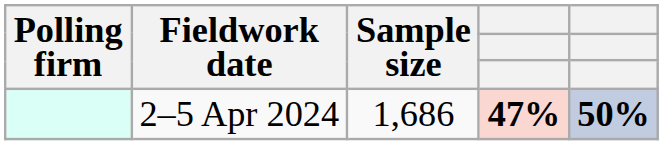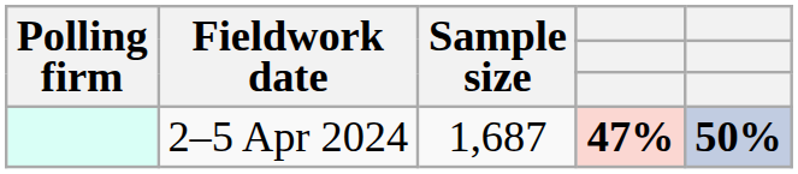 <table class="wikitable sortable" style="text-align:center;font-size:95%;line-height:14px;">
 <tr>
 <th rowspan="3">Polling<br>firm</th>
 <th rowspan="3">Fieldwork<br>date</th>
 <th rowspan="3">Sample<br>size</th>
 <th></th>
 <th></th>
 </tr>
 <tr>
 <th></th>
 <th></th>
 </tr>
 <tr>
 <th style="background:"></th>
 <th style="background:"></th>
 </tr>
 <tr>
 <td style="background:#d9fff6;" rowspan="1"></td>
 <td rowspan="1">2–5 Apr 2024</td>
-<td rowspan="1">1,686</td>
+<td rowspan="1">1,687</td>
 <td style="background:#FBD7D2;"><strong>47%</strong></td>
 <td style="background:#C1CCE1;"><strong>50%</strong></td>
 </tr>
 </table>
